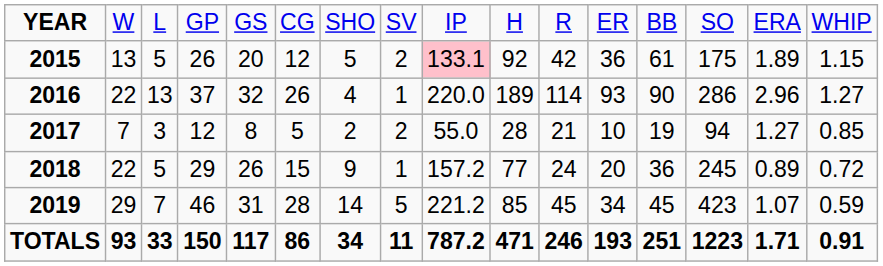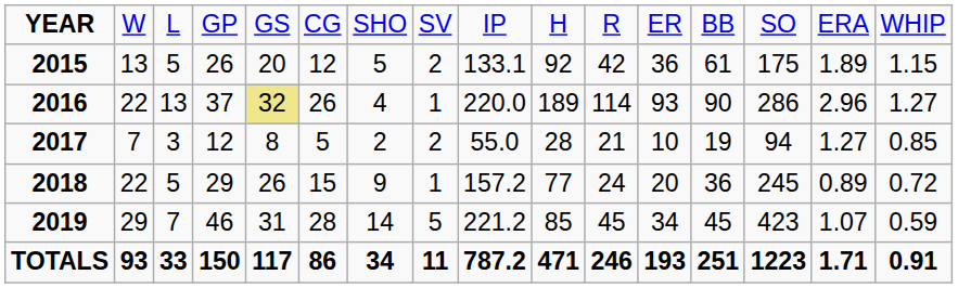 <table class="wikitable">
 <tr align=center>
 <td><strong>YEAR</strong></td>
 <td><a href='#'>W</a></td>
 <td><a href='#'>L</a></td>
 <td><a href='#'>GP</a></td>
 <td><a href='#'>GS</a></td>
 <td><a href='#'>CG</a></td>
 <td><a href='#'>SHO</a></td>
 <td><a href='#'>SV</a></td>
 <td><a href='#'>IP</a></td>
 <td><a href='#'>H</a></td>
 <td><a href='#'>R</a></td>
 <td><a href='#'>ER</a></td>
 <td><a href='#'>BB</a></td>
 <td><a href='#'>SO</a></td>
 <td><a href='#'>ERA</a></td>
 <td><a href='#'>WHIP</a></td>
 </tr>
 <tr align=center>
 <td><strong>2015</strong></td>
 <td>13</td>
 <td>5</td>
 <td>26</td>
 <td>20</td>
 <td>12</td>
 <td>5</td>
 <td>2</td>
-<td style="background: pink;">133.1</td>
+<td>133.1</td>
 <td>92</td>
 <td>42</td>
 <td>36</td>
 <td>61</td>
 <td>175</td>
 <td>1.89</td>
 <td>1.15</td>
 </tr>
 <tr align=center>
 <td><strong>2016</strong></td>
 <td>22</td>
 <td>13</td>
 <td>37</td>
-<td>32</td>
+<td style="background: khaki;">32</td>
 <td>26</td>
 <td>4</td>
 <td>1</td>
 <td>220.0</td>
 <td>189</td>
 <td>114</td>
 <td>93</td>
 <td>90</td>
 <td>286</td>
 <td>2.96</td>
 <td>1.27</td>
 </tr>
 <tr align=center>
 <td><strong>2017</strong></td>
 <td>7</td>
 <td>3</td>
 <td>12</td>
 <td>8</td>
 <td>5</td>
 <td>2</td>
 <td>2</td>
 <td>55.0</td>
 <td>28</td>
 <td>21</td>
 <td>10</td>
 <td>19</td>
 <td>94</td>
 <td>1.27</td>
 <td>0.85</td>
 </tr>
 <tr align=center>
 <td><strong>2018</strong></td>
 <td>22</td>
 <td>5</td>
 <td>29</td>
 <td>26</td>
 <td>15</td>
 <td>9</td>
 <td>1</td>
 <td>157.2</td>
 <td>77</td>
 <td>24</td>
 <td>20</td>
 <td>36</td>
 <td>245</td>
 <td>0.89</td>
 <td>0.72</td>
 </tr>
 <tr align=center>
 <td><strong>2019</strong></td>
 <td>29</td>
 <td>7</td>
 <td>46</td>
 <td>31</td>
 <td>28</td>
 <td>14</td>
 <td>5</td>
 <td>221.2</td>
 <td>85</td>
 <td>45</td>
 <td>34</td>
 <td>45</td>
 <td>423</td>
 <td>1.07</td>
 <td>0.59</td>
 </tr>
 <tr align=center>
 <td><strong>TOTALS</strong></td>
 <td><strong>93</strong></td>
 <td><strong>33</strong></td>
 <td><strong>150</strong></td>
 <td><strong>117</strong></td>
 <td><strong>86</strong></td>
 <td><strong>34</strong></td>
 <td><strong>11</strong></td>
 <td><strong>787.2</strong></td>
 <td><strong>471</strong></td>
 <td><strong>246</strong></td>
 <td><strong>193</strong></td>
 <td><strong>251</strong></td>
 <td><strong>1223</strong></td>
 <td><strong>1.71</strong></td>
 <td><strong>0.91</strong></td>
 </tr>
 </table>
